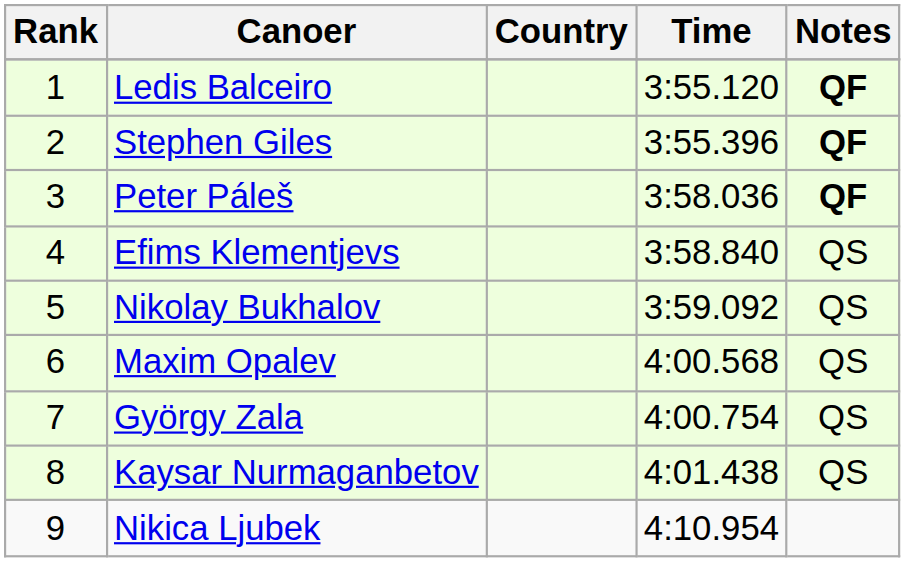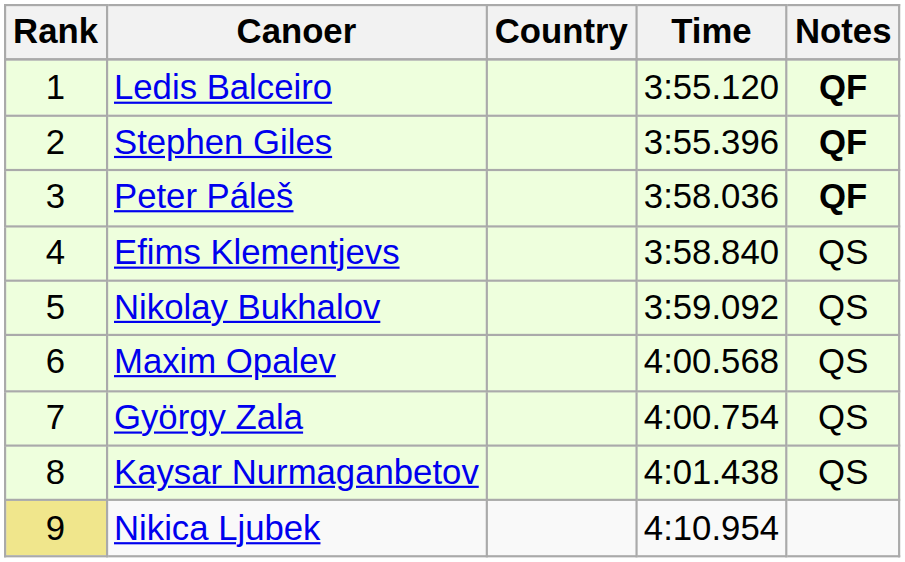 <table class="wikitable sortable" style="text-align:center">
 <tr>
 <th>Rank</th>
 <th>Canoer</th>
 <th>Country</th>
 <th>Time</th>
 <th>Notes</th>
 </tr>
 <tr>
 </tr>
 <tr bgcolor = "eeffdd">
 <td align="center">1</td>
 <td align="left"><a href='#'>Ledis Balceiro</a></td>
 <td align="left"></td>
 <td align="center">3:55.120</td>
 <td align="center"><strong>QF</strong></td>
 </tr>
 <tr bgcolor = "eeffdd">
 <td align="center">2</td>
 <td align="left"><a href='#'>Stephen Giles</a></td>
 <td align="left"></td>
 <td align="center">3:55.396</td>
 <td align="center"><strong>QF</strong></td>
 </tr>
 <tr bgcolor = "eeffdd">
 <td align="center">3</td>
 <td align="left"><a href='#'>Peter Páleš</a></td>
 <td align="left"></td>
 <td align="center">3:58.036</td>
 <td align="center"><strong>QF</strong></td>
 </tr>
 <tr bgcolor = "eeffdd">
 <td align="center">4</td>
 <td align="left"><a href='#'>Efims Klementjevs</a></td>
 <td align="left"></td>
 <td align="center">3:58.840</td>
 <td align="center">QS</td>
 </tr>
 <tr bgcolor = "eeffdd">
 <td align="center">5</td>
 <td align="left"><a href='#'>Nikolay Bukhalov</a></td>
 <td align="left"></td>
 <td align="center">3:59.092</td>
 <td align="center">QS</td>
 </tr>
 <tr bgcolor = "eeffdd">
 <td align="center">6</td>
 <td align="left"><a href='#'>Maxim Opalev</a></td>
 <td align="left"></td>
 <td align="center">4:00.568</td>
 <td align="center">QS</td>
 </tr>
 <tr bgcolor = "eeffdd">
 <td align="center">7</td>
 <td align="left"><a href='#'>György Zala</a></td>
 <td align="left"></td>
 <td align="center">4:00.754</td>
 <td align="center">QS</td>
 </tr>
 <tr bgcolor = "eeffdd">
 <td align="center">8</td>
 <td align="left"><a href='#'>Kaysar Nurmaganbetov</a></td>
 <td align="left"></td>
 <td align="center">4:01.438</td>
 <td align="center">QS</td>
 </tr>
 <tr>
-<td align="center">9</td>
+<td align="center" style="background: khaki;">9</td>
 <td align="left"><a href='#'>Nikica Ljubek</a></td>
 <td align="left"></td>
 <td align="center">4:10.954</td>
 <td align="center"></td>
 </tr>
 </table>
